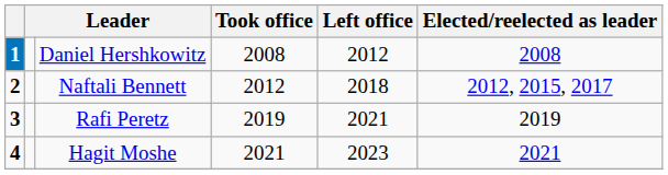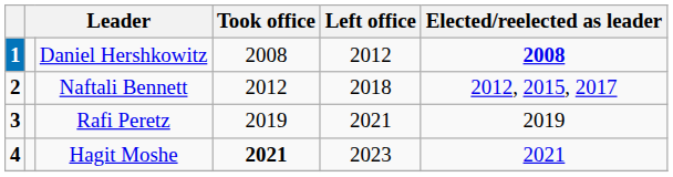 <table class=wikitable style=text-align:center>
 <tr>
 <th><br></th>
 <th colspan="2">Leader</th>
 <th>Took office</th>
 <th>Left office</th>
 <th>Elected/reelected as leader</th>
 </tr>
 <tr>
 <td style="background: #0274BA; color: white"><strong>1</strong></td>
 <td></td>
 <td><a href='#'>Daniel Hershkowitz</a></td>
 <td>2008</td>
 <td>2012</td>
-<td><a href='#'>2008</a></td>
+<td><strong><a href='#'>2008</a></strong></td>
 </tr>
 <tr>
 <td style="background: "><strong>2</strong></td>
 <td></td>
 <td><a href='#'>Naftali Bennett</a></td>
 <td>2012</td>
 <td>2018</td>
 <td><a href='#'>2012</a>, <a href='#'>2015</a>, <a href='#'>2017</a></td>
 </tr>
 <tr>
 <td style="background: "><strong>3</strong></td>
 <td></td>
 <td><a href='#'>Rafi Peretz</a></td>
 <td>2019</td>
 <td>2021</td>
 <td>2019</td>
 </tr>
 <tr>
 <td style="background: "><strong>4</strong></td>
 <td></td>
 <td><a href='#'>Hagit Moshe</a></td>
-<td>2021</td>
+<td><strong>2021</strong></td>
 <td>2023</td>
 <td><a href='#'>2021</a></td>
 </tr>
 <tr>
 </tr>
 </table>
